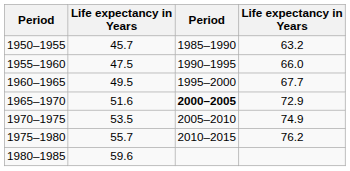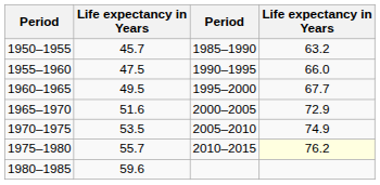 <table class="wikitable" style="text-align:center">
 <tr>
 <th>Period</th>
 <th>Life expectancy in<br>Years</th>
 <th>Period</th>
 <th>Life expectancy in<br>Years</th>
 </tr>
 <tr>
 <td>1950–1955</td>
 <td>45.7</td>
 <td>1985–1990</td>
 <td>63.2</td>
 </tr>
 <tr>
 <td>1955–1960</td>
 <td>47.5</td>
 <td>1990–1995</td>
 <td>66.0</td>
 </tr>
 <tr>
 <td>1960–1965</td>
 <td>49.5</td>
 <td>1995–2000</td>
 <td>67.7</td>
 </tr>
 <tr>
 <td>1965–1970</td>
 <td>51.6</td>
-<td><strong>2000–2005</strong></td>
+<td>2000–2005</td>
 <td>72.9</td>
 </tr>
 <tr>
 <td>1970–1975</td>
 <td>53.5</td>
 <td>2005–2010</td>
 <td>74.9</td>
 </tr>
 <tr>
 <td>1975–1980</td>
 <td>55.7</td>
 <td>2010–2015</td>
-<td>76.2</td>
+<td style="background: lightyellow;">76.2</td>
 </tr>
 <tr>
 <td>1980–1985</td>
 <td>59.6</td>
 <td></td>
 <td></td>
 </tr>
 </table>
